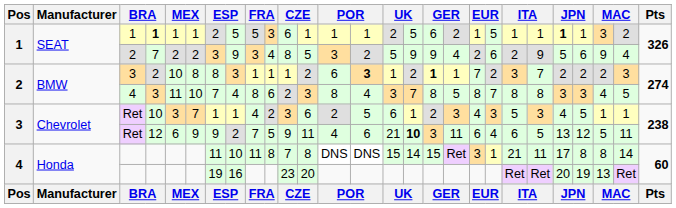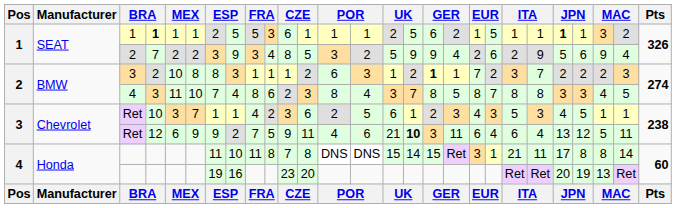 <table align=left| class="wikitable" style="font-size: 85%; text-align: center">
 <tr valign="top">
 <th valign=middle>Pos</th>
 <th valign=middle>Manufacturer</th>
 <th colspan=2><a href='#'>BRA</a><br></th>
 <th colspan=2><a href='#'>MEX</a><br></th>
 <th colspan=2><a href='#'>ESP</a><br></th>
 <th colspan=2><a href='#'>FRA</a><br></th>
 <th colspan=2><a href='#'>CZE</a><br></th>
 <th colspan=2><a href='#'>POR</a><br></th>
 <th colspan=2><a href='#'>UK</a><br></th>
 <th colspan=2><a href='#'>GER</a><br></th>
 <th colspan=2><a href='#'>EUR</a><br></th>
 <th colspan=2><a href='#'>ITA</a><br></th>
 <th colspan=2><a href='#'>JPN</a><br></th>
 <th colspan=2><a href='#'>MAC</a><br></th>
 <th valign=middle> Pts </th>
 </tr>
 <tr>
 <th rowspan=2>1</th>
 <td align="left" rowspan=2> <a href='#'>SEAT</a></td>
 <td style="background:#ffffbf;">1</td>
 <td style="background:#ffffbf;"><strong>1</strong></td>
 <td style="background:#ffffbf;">1</td>
 <td style="background:#ffffbf;">1</td>
 <td style="background:#dfdfdf;">2</td>
 <td style="background:#dfffdf;">5</td>
 <td style="background:#dfdfdf;">5</td>
 <td style="background:#ffdf9f;">3</td>
 <td style="background:#dfffdf;">6</td>
 <td style="background:#ffffbf;">1</td>
 <td style="background:#ffffbf;">1</td>
 <td style="background:#ffffbf;">1</td>
 <td style="background:#dfdfdf;">2</td>
 <td style="background:#dfffdf;">5</td>
 <td style="background:#dfffdf;">6</td>
 <td style="background:#dfdfdf;">2</td>
 <td style="background:#ffffbf;">1</td>
 <td style="background:#dfffdf;">5</td>
 <td style="background:#ffffbf;">1</td>
 <td style="background:#ffffbf;">1</td>
 <td style="background:#ffffbf;"><strong>1</strong></td>
 <td style="background:#ffffbf;">1</td>
 <td style="background:#ffdf9f;">3</td>
 <td style="background:#dfdfdf;">2</td>
 <td align="right" rowspan=2><strong>326</strong></td>
 </tr>
 <tr>
 <td style="background:#dfdfdf;">2</td>
 <td style="background:#dfffdf;">7</td>
 <td style="background:#dfdfdf;">2</td>
 <td style="background:#dfdfdf;">2</td>
 <td style="background:#ffdf9f;">3</td>
 <td style="background:#dfffdf;">9</td>
 <td style="background:#ffdf9f;">3</td>
 <td style="background:#dfffdf;">4</td>
 <td style="background:#dfffdf;">8</td>
 <td style="background:#dfffdf;">5</td>
 <td style="background:#ffdf9f;">3</td>
 <td style="background:#dfdfdf;">2</td>
 <td style="background:#dfffdf;">5</td>
 <td style="background:#dfffdf;">9</td>
 <td style="background:#dfffdf;">9</td>
 <td style="background:#dfffdf;">4</td>
 <td style="background:#dfdfdf;">2</td>
 <td style="background:#dfffdf;">6</td>
 <td style="background:#dfdfdf;">2</td>
 <td style="background:#dfdfdf;">9</td>
 <td style="background:#dfffdf;">5</td>
 <td style="background:#dfffdf;">6</td>
 <td style="background:#dfffdf;">9</td>
 <td style="background:#dfffdf;">4</td>
 </tr>
 <tr>
 <th rowspan=2>2</th>
 <td align="left" rowspan=2> <a href='#'>BMW</a></td>
 <td style="background:#ffdf9f;">3</td>
 <td style="background:#dfdfdf;">2</td>
 <td style="background:#dfffdf;">10</td>
 <td style="background:#dfffdf;">8</td>
 <td style="background:#dfffdf;">8</td>
 <td style="background:#ffdf9f;">3</td>
 <td style="background:#ffffbf;">1</td>
 <td style="background:#ffffbf;">1</td>
 <td style="background:#ffffbf;">1</td>
 <td style="background:#dfdfdf;">2</td>
 <td style="background:#dfffdf;">6</td>
-<td style="background:#ffdf9f;"><strong>3</strong></td>
+<td style="background:#ffdf9f;">3</td>
 <td style="background:#ffffbf;">1</td>
 <td style="background:#dfdfdf;">2</td>
 <td style="background:#ffffbf;"><strong>1</strong></td>
 <td style="background:#ffffbf;">1</td>
 <td style="background:#dfffdf;">7</td>
 <td style="background:#dfdfdf;">2</td>
 <td style="background:#ffdf9f;">3</td>
 <td style="background:#dfffdf;">7</td>
 <td style="background:#dfdfdf;">2</td>
 <td style="background:#dfdfdf;">2</td>
 <td style="background:#dfdfdf;">2</td>
 <td style="background:#ffdf9f;">3</td>
 <td align="right" rowspan=2><strong>274</strong></td>
 </tr>
 <tr>
 <td style="background:#dfffdf;">4</td>
 <td style="background:#ffdf9f;">3</td>
 <td style="background:#dfffdf;">11</td>
 <td style="background:#dfffdf;">10</td>
 <td style="background:#dfffdf;">7</td>
 <td style="background:#dfffdf;">4</td>
 <td style="background:#dfffdf;">8</td>
 <td style="background:#dfffdf;">6</td>
 <td style="background:#dfdfdf;">2</td>
 <td style="background:#ffdf9f;">3</td>
 <td style="background:#dfffdf;">8</td>
 <td style="background:#dfffdf;">4</td>
 <td style="background:#ffdf9f;">3</td>
 <td style="background:#ffdf9f;">7</td>
 <td style="background:#dfffdf;">8</td>
 <td style="background:#dfffdf;">5</td>
 <td style="background:#dfffdf;">8</td>
 <td style="background:#dfffdf;">7</td>
 <td style="background:#dfffdf;">8</td>
 <td style="background:#dfffdf;">8</td>
 <td style="background:#ffdf9f;">3</td>
 <td style="background:#ffdf9f;">3</td>
 <td style="background:#dfffdf;">4</td>
 <td style="background:#dfffdf;">5</td>
 </tr>
 <tr>
 <th rowspan=2>3</th>
 <td align="left" rowspan=2> <a href='#'>Chevrolet</a></td>
 <td style="background:#efcfff;">Ret</td>
 <td style="background:#dfffdf;">10</td>
 <td style="background:#ffdf9f;">3</td>
 <td style="background:#ffdf9f;">7</td>
 <td style="background:#ffffbf;">1</td>
 <td style="background:#ffffbf;">1</td>
 <td style="background:#dfffdf;">4</td>
 <td style="background:#dfdfdf;">2</td>
 <td style="background:#ffdf9f;">3</td>
 <td style="background:#dfffdf;">6</td>
 <td style="background:#dfdfdf;">2</td>
 <td style="background:#dfffdf;">5</td>
 <td style="background:#dfffdf;">6</td>
 <td style="background:#ffffbf;">1</td>
 <td style="background:#dfdfdf;">2</td>
 <td style="background:#ffdf9f;">3</td>
 <td style="background:#dfffdf;">4</td>
 <td style="background:#ffdf9f;">3</td>
 <td style="background:#dfffdf;">5</td>
 <td style="background:#ffdf9f;">3</td>
 <td style="background:#dfffdf;">4</td>
 <td style="background:#dfffdf;">5</td>
 <td style="background:#ffffbf;">1</td>
 <td style="background:#ffffbf;">1</td>
 <td align="right" rowspan=2><strong>238</strong></td>
 </tr>
 <tr>
 <td style="background:#efcfff;">Ret</td>
 <td style="background:#dfffdf;">12</td>
 <td style="background:#dfffdf;">6</td>
 <td style="background:#dfffdf;">9</td>
 <td style="background:#dfffdf;">9</td>
 <td style="background:#dfdfdf;">2</td>
 <td style="background:#dfffdf;">7</td>
 <td style="background:#dfffdf;">5</td>
 <td style="background:#dfffdf;">9</td>
 <td style="background:#dfffdf;">11</td>
 <td style="background:#dfffdf;">4</td>
 <td style="background:#dfffdf;">6</td>
 <td style="background:#dfffdf;">21</td>
 <td style="background:#dfffdf;"><strong>10</strong></td>
 <td style="background:#ffdf9f;">3</td>
 <td style="background:#dfffdf;">11</td>
 <td style="background:#dfffdf;">6</td>
 <td style="background:#dfffdf;">4</td>
 <td style="background:#dfffdf;">6</td>
-<td style="background:#dfffdf;">5</td>
+<td style="background:#dfffdf;">4</td>
 <td style="background:#dfffdf;">13</td>
 <td style="background:#dfffdf;">12</td>
 <td style="background:#dfffdf;">5</td>
 <td style="background:#dfffdf;">11</td>
 </tr>
 <tr>
 <th rowspan=2>4</th>
 <td align="left" rowspan=2> <a href='#'>Honda</a></td>
 <td></td>
 <td></td>
 <td></td>
 <td></td>
 <td style="background:#dfffdf;">11</td>
 <td style="background:#dfffdf;">10</td>
 <td style="background:#dfffdf;">11</td>
 <td style="background:#dfffdf;">8</td>
 <td style="background:#dfffdf;">7</td>
 <td style="background:#dfffdf;">8</td>
 <td style="background:#ffffff;">DNS</td>
 <td style="background:#ffffff;">DNS</td>
 <td style="background:#dfffdf;">15</td>
 <td style="background:#dfffdf;">14</td>
 <td style="background:#dfffdf;">15</td>
 <td style="background:#efcfff;">Ret</td>
 <td style="background:#ffdf9f;">3</td>
 <td style="background:#ffffbf;">1</td>
 <td style="background:#dfffdf;">21</td>
 <td style="background:#dfffdf;">11</td>
 <td style="background:#dfffdf;">17</td>
 <td style="background:#dfffdf;">8</td>
 <td style="background:#dfffdf;">8</td>
 <td style="background:#dfffdf;">14</td>
 <td align="right" rowspan=2><strong>60</strong></td>
 </tr>
 <tr>
 <td></td>
 <td></td>
 <td></td>
 <td></td>
 <td style="background:#dfffdf;">19</td>
 <td style="background:#dfffdf;">16</td>
 <td></td>
 <td></td>
 <td style="background:#dfffdf;">23</td>
 <td style="background:#dfffdf;">20</td>
 <td></td>
 <td></td>
 <td></td>
 <td></td>
 <td></td>
 <td></td>
 <td></td>
 <td></td>
 <td style="background:#efcfff;">Ret</td>
 <td style="background:#efcfff;">Ret</td>
 <td style="background:#dfffdf;">20</td>
 <td style="background:#dfffdf;">19</td>
 <td style="background:#dfffdf;">13</td>
 <td style="background:#efcfff;">Ret</td>
 </tr>
 <tr valign="top">
 <th valign=middle>Pos</th>
 <th valign=middle>Manufacturer</th>
 <th colspan=2><a href='#'>BRA</a><br></th>
 <th colspan=2><a href='#'>MEX</a><br></th>
 <th colspan=2><a href='#'>ESP</a><br></th>
 <th colspan=2><a href='#'>FRA</a><br></th>
 <th colspan=2><a href='#'>CZE</a><br></th>
 <th colspan=2><a href='#'>POR</a><br></th>
 <th colspan=2><a href='#'>UK</a><br></th>
 <th colspan=2><a href='#'>GER</a><br></th>
 <th colspan=2><a href='#'>EUR</a><br></th>
 <th colspan=2><a href='#'>ITA</a><br></th>
 <th colspan=2><a href='#'>JPN</a><br></th>
 <th colspan=2><a href='#'>MAC</a><br></th>
 <th valign=middle> Pts </th>
 </tr>
 </table>
